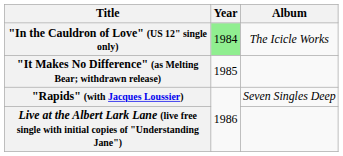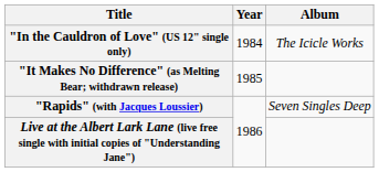 <table class="wikitable plainrowheaders" style="text-align:center;">
 <tr>
 <th scope="col" style="width:17em;">Title</th>
 <th scope="col" style="width:2em;">Year</th>
 <th>Album</th>
 </tr>
 <tr>
 <th scope="row">"In the Cauldron of Love" <small>(US 12" single only)</small></th>
-<td style="background: lightgreen;">1984</td>
+<td>1984</td>
 <td><em>The Icicle Works</em></td>
 </tr>
 <tr>
 <th scope="row">"It Makes No Difference" <small>(as Melting Bear; withdrawn release)</small></th>
 <td>1985</td>
 <td></td>
 </tr>
 <tr>
 <th scope="row">"Rapids" <small>(with <a href='#'>Jacques Loussier</a>)</small></th>
 <td rowspan="2">1986</td>
 <td><em>Seven Singles Deep</em></td>
 </tr>
 <tr>
 <th scope="row"><em>Live at the Albert Lark Lane</em> <small>(live free single with initial copies of "Understanding Jane")</small></th>
 <td></td>
 </tr>
 </table>
